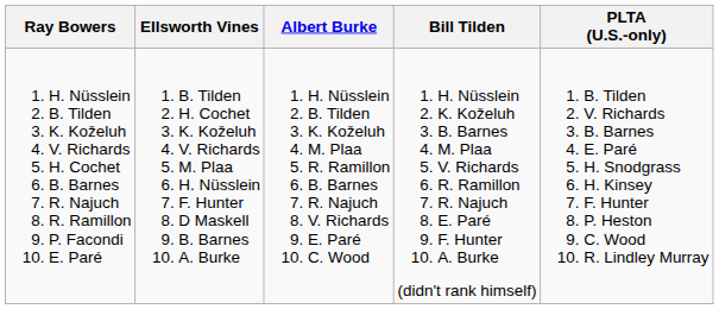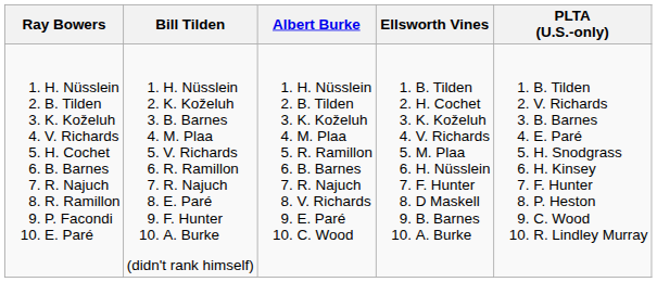 <table class="wikitable">
 <tr>
 <th>Ray Bowers</th>
+<th>Bill Tilden</th>
+<th><a href='#'>Albert Burke</a></th>
 <th>Ellsworth Vines</th>
-<th><a href='#'>Albert Burke</a></th>
-<th>Bill Tilden</th>
 <th>PLTA<br>(U.S.-only)</th>
 </tr>
 <tr style="vertical-align: top;">
 <td style="white-space: nowrap;"><br><ol><li> H. Nüsslein</li><li> B. Tilden</li><li> K. Koželuh</li><li> V. Richards</li><li> H. Cochet</li><li> B. Barnes</li><li> R. Najuch</li><li> R. Ramillon</li><li> P. Facondi</li><li> E. Paré</li></ol></td>
+<td style="white-space: nowrap;"><br><ol><li> H. Nüsslein</li><li> K. Koželuh</li><li> B. Barnes</li><li> M. Plaa</li><li> V. Richards</li><li> R. Ramillon</li><li> R. Najuch</li><li> E. Paré</li><li> F. Hunter</li><li> A. Burke</li></ol>(didn't rank himself)</td>
+<td style="white-space: nowrap;"><br><ol><li> H. Nüsslein</li><li> B. Tilden</li><li> K. Koželuh</li><li> M. Plaa</li><li> R. Ramillon</li><li> B. Barnes</li><li> R. Najuch</li><li> V. Richards</li><li> E. Paré</li><li> C. Wood</li></ol></td>
 <td style="white-space: nowrap;"><br><ol><li> B. Tilden</li><li> H. Cochet</li><li> K. Koželuh</li><li> V. Richards</li><li> M. Plaa</li><li> H. Nüsslein</li><li> F. Hunter</li><li> D Maskell</li><li> B. Barnes</li><li> A. Burke</li></ol></td>
-<td style="white-space: nowrap;"><br><ol><li> H. Nüsslein</li><li> B. Tilden</li><li> K. Koželuh</li><li> M. Plaa</li><li> R. Ramillon</li><li> B. Barnes</li><li> R. Najuch</li><li> V. Richards</li><li> E. Paré</li><li> C. Wood</li></ol></td>
-<td style="white-space: nowrap;"><br><ol><li> H. Nüsslein</li><li> K. Koželuh</li><li> B. Barnes</li><li> M. Plaa</li><li> V. Richards</li><li> R. Ramillon</li><li> R. Najuch</li><li> E. Paré</li><li> F. Hunter</li><li> A. Burke</li></ol>(didn't rank himself)</td>
 <td style="white-space: nowrap;"><br><ol><li> B. Tilden</li><li> V. Richards</li><li> B. Barnes</li><li> E. Paré</li><li> H. Snodgrass</li><li> H. Kinsey</li><li> F. Hunter</li><li> P. Heston</li><li> C. Wood</li><li> R. Lindley Murray</li></ol></td>
 </tr>
 </table>
